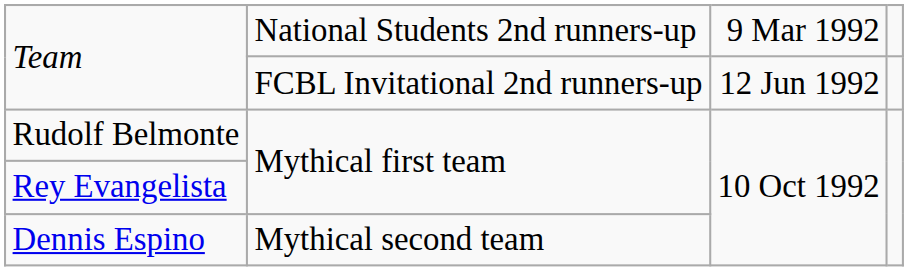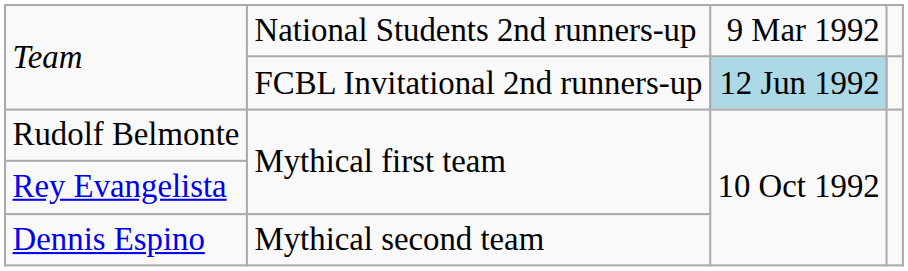 <table class=wikitable>
 <tr>
 <td rowspan=2><em>Team</em></td>
 <td>National Students 2nd runners-up</td>
 <td align=right>9 Mar 1992</td>
 <td align=center></td>
 </tr>
 <tr>
 <td>FCBL Invitational 2nd runners-up</td>
-<td align=right>12 Jun 1992</td>
+<td align=right style="background: lightblue;">12 Jun 1992</td>
 <td align=center></td>
 </tr>
 <tr>
 <td>Rudolf Belmonte</td>
 <td rowspan=2>Mythical first team</td>
 <td align=right rowspan=3>10 Oct 1992</td>
 <td align=center rowspan=3></td>
 </tr>
 <tr>
 <td><a href='#'>Rey Evangelista</a></td>
 </tr>
 <tr>
 <td><a href='#'>Dennis Espino</a></td>
 <td>Mythical second team</td>
 </tr>
 </table>
